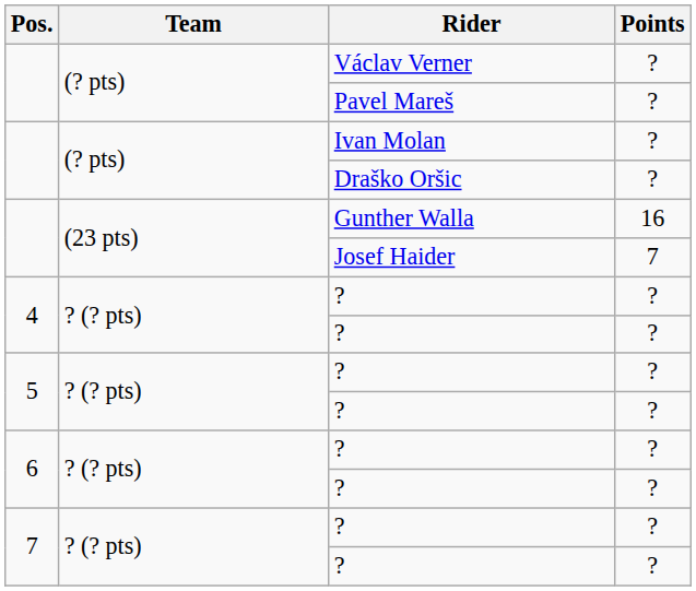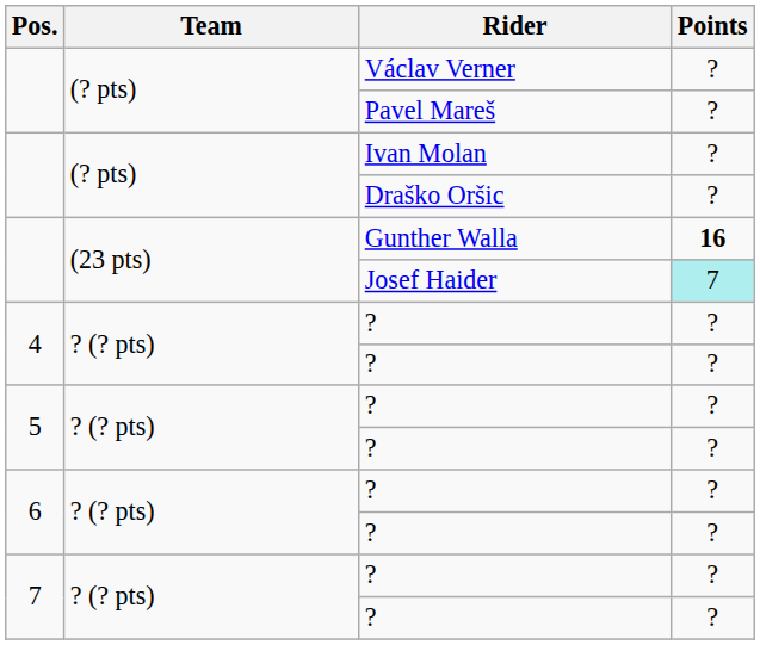 <table class=wikitable style="font-size:93%;">
 <tr>
 <th width=25px>Pos.</th>
 <th width=160px>Team</th>
 <th width=170px>Rider</th>
 <th width=40px>Points</th>
 </tr>
 <tr align=center >
 <td rowspan=2 ></td>
 <td rowspan=2 align=left> (? pts)</td>
 <td align=left><a href='#'>Václav Verner</a></td>
 <td>?</td>
 </tr>
 <tr align=center >
 <td align=left><a href='#'>Pavel Mareš</a></td>
 <td>?</td>
 </tr>
 <tr align=center >
 <td rowspan=2 ></td>
 <td rowspan=2 align=left> (? pts)</td>
 <td align=left><a href='#'>Ivan Molan</a></td>
 <td>?</td>
 </tr>
 <tr align=center >
 <td align=left><a href='#'>Draško Oršic</a></td>
 <td>?</td>
 </tr>
 <tr align=center >
 <td rowspan=2 ></td>
 <td rowspan=2 align=left> (23 pts)</td>
 <td align=left><a href='#'>Gunther Walla</a></td>
-<td>16</td>
+<td><strong>16</strong></td>
 </tr>
 <tr align=center >
 <td align=left><a href='#'>Josef Haider</a></td>
-<td>7</td>
+<td style="background: paleturquoise;">7</td>
 </tr>
 <tr align=center>
 <td rowspan=2>4</td>
 <td rowspan=2 align=left>? (? pts)</td>
 <td align=left>?</td>
 <td>?</td>
 </tr>
 <tr align=center>
 <td align=left>?</td>
 <td>?</td>
 </tr>
 <tr align=center>
 <td rowspan=2>5</td>
 <td rowspan=2 align=left>? (? pts)</td>
 <td align=left>?</td>
 <td>?</td>
 </tr>
 <tr align=center>
 <td align=left>?</td>
 <td>?</td>
 </tr>
 <tr align=center>
 <td rowspan=2>6</td>
 <td rowspan=2 align=left>? (? pts)</td>
 <td align=left>?</td>
 <td>?</td>
 </tr>
 <tr align=center>
 <td align=left>?</td>
 <td>?</td>
 </tr>
 <tr align=center>
 <td rowspan=2>7</td>
 <td rowspan=2 align=left>? (? pts)</td>
 <td align=left>?</td>
 <td>?</td>
 </tr>
 <tr align=center>
 <td align=left>?</td>
 <td>?</td>
 </tr>
 </table>
